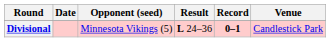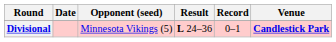 <table class="wikitable" style="text-align:center">
 <tr>
 <th>Round</th>
 <th>Date</th>
 <th>Opponent (seed)</th>
 <th>Result</th>
 <th>Record</th>
 <th>Venue</th>
 </tr>
 <tr>
 </tr>
 <tr style="background:#fcc">
 <th><a href='#'>Divisional</a></th>
 <td></td>
 <td><a href='#'>Minnesota Vikings</a> (5)</td>
 <td><strong>L</strong> 24–36</td>
-<td><strong>0–1</strong></td>
-<td><a href='#'>Candlestick Park</a></td>
+<td>0–1</td>
+<td><strong><a href='#'>Candlestick Park</a></strong></td>
 </tr>
 </table>
